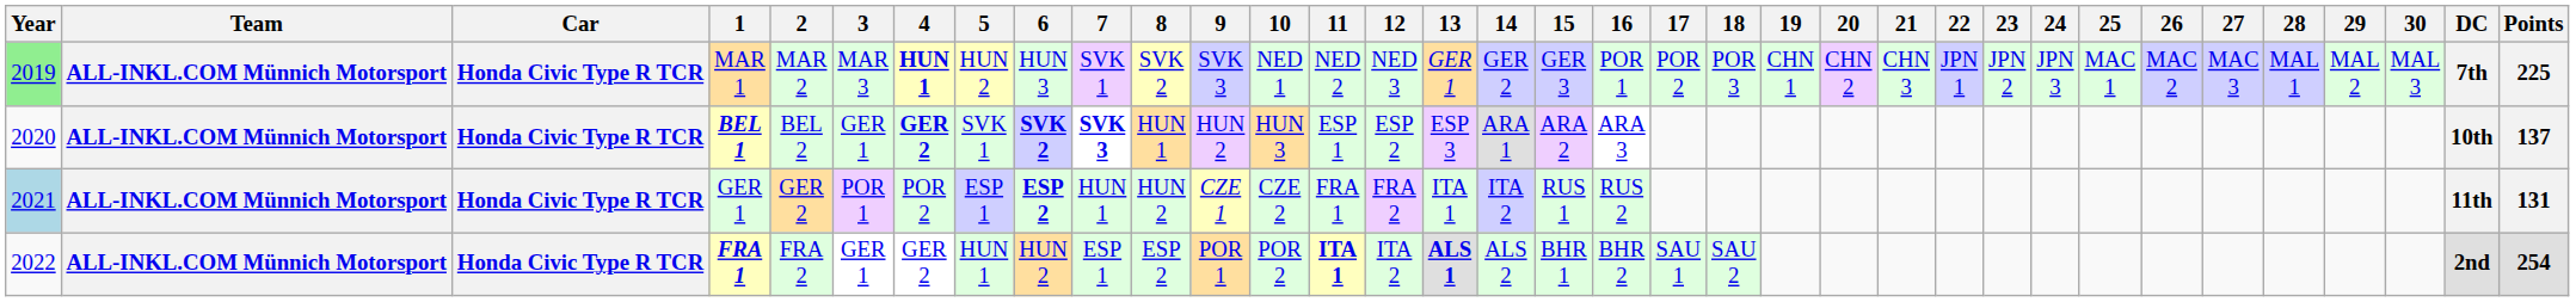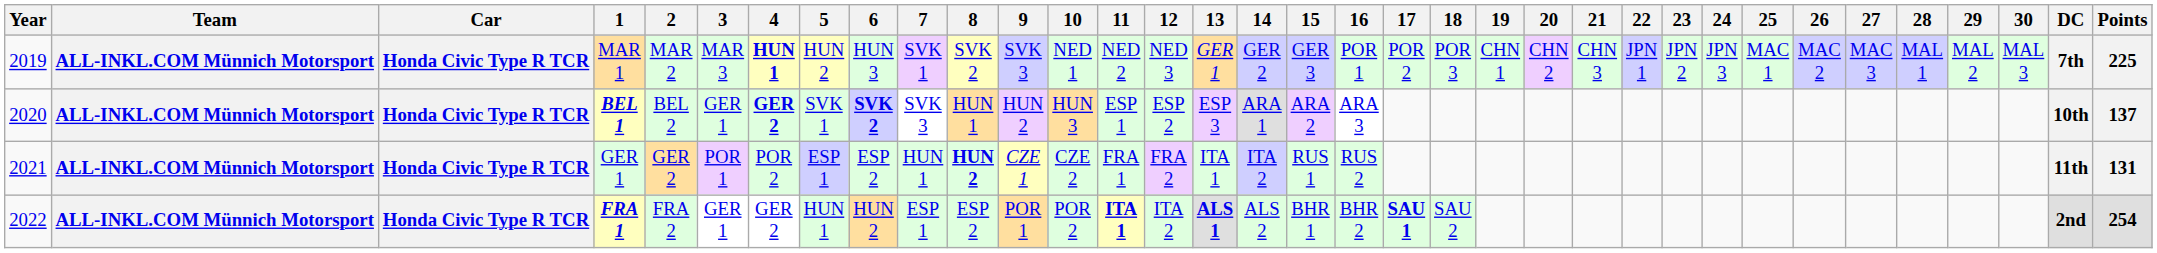 <table class="wikitable" style="text-align:center; font-size:85%">
 <tr>
 <th>Year</th>
 <th>Team</th>
 <th>Car</th>
 <th>1</th>
 <th>2</th>
 <th>3</th>
 <th>4</th>
 <th>5</th>
 <th>6</th>
 <th>7</th>
 <th>8</th>
 <th>9</th>
 <th>10</th>
 <th>11</th>
 <th>12</th>
 <th>13</th>
 <th>14</th>
 <th>15</th>
 <th>16</th>
 <th>17</th>
 <th>18</th>
 <th>19</th>
 <th>20</th>
 <th>21</th>
 <th>22</th>
 <th>23</th>
 <th>24</th>
 <th>25</th>
 <th>26</th>
 <th>27</th>
 <th>28</th>
 <th>29</th>
 <th>30</th>
 <th>DC</th>
 <th>Points</th>
 </tr>
 <tr>
-<td style="background: lightgreen;"><a href='#'>2019</a></td>
+<td><a href='#'>2019</a></td>
 <th><a href='#'>ALL-INKL.COM Münnich Motorsport</a></th>
 <th><a href='#'>Honda Civic Type R TCR</a></th>
 <td style="background:#FFDF9F;"><a href='#'>MAR<br>1</a><br></td>
 <td style="background:#DFFFDF;"><a href='#'>MAR<br>2</a><br></td>
 <td style="background:#DFFFDF;"><a href='#'>MAR<br>3</a><br></td>
 <td style="background:#FFFFBF;"><strong><a href='#'>HUN<br>1</a></strong><br></td>
 <td style="background:#FFFFBF;"><a href='#'>HUN<br>2</a><br></td>
 <td style="background:#DFFFDF;"><a href='#'>HUN<br>3</a><br></td>
 <td style="background:#EFCFFF;"><a href='#'>SVK<br>1</a><br></td>
 <td style="background:#FFFFBF;"><a href='#'>SVK<br>2</a><br></td>
 <td style="background:#CFCFFF;"><a href='#'>SVK<br>3</a><br></td>
 <td style="background:#DFFFDF;"><a href='#'>NED<br>1</a><br></td>
 <td style="background:#DFFFDF;"><a href='#'>NED<br>2</a><br></td>
 <td style="background:#DFFFDF;"><a href='#'>NED<br>3</a><br></td>
 <td style="background:#FFDF9F;"><em><a href='#'>GER<br>1</a></em><br></td>
 <td style="background:#CFCFFF;"><a href='#'>GER<br>2</a><br></td>
 <td style="background:#CFCFFF;"><a href='#'>GER<br>3</a><br></td>
 <td style="background:#DFFFDF;"><a href='#'>POR<br>1</a><br></td>
 <td style="background:#DFFFDF;"><a href='#'>POR<br>2</a><br></td>
 <td style="background:#DFFFDF;"><a href='#'>POR<br>3</a><br></td>
 <td style="background:#DFFFDF;"><a href='#'>CHN<br>1</a><br></td>
 <td style="background:#EFCFFF;"><a href='#'>CHN<br>2</a><br></td>
 <td style="background:#DFFFDF;"><a href='#'>CHN<br>3</a><br></td>
 <td style="background:#CFCFFF;"><a href='#'>JPN<br>1</a><br></td>
 <td style="background:#DFFFDF;"><a href='#'>JPN<br>2</a><br></td>
 <td style="background:#DFFFDF;"><a href='#'>JPN<br>3</a><br></td>
 <td style="background:#DFFFDF;"><a href='#'>MAC<br>1</a><br></td>
 <td style="background:#CFCFFF;"><a href='#'>MAC<br>2</a><br></td>
 <td style="background:#CFCFFF;"><a href='#'>MAC<br>3</a><br></td>
 <td style="background:#CFCFFF;"><a href='#'>MAL<br>1</a><br></td>
 <td style="background:#DFFFDF;"><a href='#'>MAL<br>2</a><br></td>
 <td style="background:#DFFFDF;"><a href='#'>MAL<br>3</a><br></td>
 <th>7th</th>
 <th>225</th>
 </tr>
 <tr>
 <td><a href='#'>2020</a></td>
 <th><a href='#'>ALL-INKL.COM Münnich Motorsport</a></th>
 <th><a href='#'>Honda Civic Type R TCR</a></th>
 <td style="background:#FFFFBF;"><strong><em><a href='#'>BEL<br>1</a></em></strong><br></td>
 <td style="background:#DFFFDF;"><a href='#'>BEL<br>2</a><br></td>
 <td style="background:#DFFFDF;"><a href='#'>GER<br>1</a><br></td>
 <td style="background:#DFFFDF;"><strong><a href='#'>GER<br>2</a></strong><br></td>
 <td style="background:#DFFFDF;"><a href='#'>SVK<br>1</a><br></td>
 <td style="background:#CFCFFF;"><strong><a href='#'>SVK<br>2</a></strong><br></td>
-<td style="background:#FFFFFF;"><strong><a href='#'>SVK<br>3</a><br></strong></td>
+<td style="background:#FFFFFF;"><a href='#'>SVK<br>3</a><br></td>
 <td style="background:#FFDF9F;"><a href='#'>HUN<br>1</a><br></td>
 <td style="background:#EFCFFF;"><a href='#'>HUN<br>2</a><br></td>
 <td style="background:#FFDF9F;"><a href='#'>HUN<br>3</a><br></td>
 <td style="background:#DFFFDF;"><a href='#'>ESP<br>1</a><br></td>
 <td style="background:#DFFFDF;"><a href='#'>ESP<br>2</a><br></td>
 <td style="background:#EFCFFF;"><a href='#'>ESP<br>3</a><br></td>
 <td style="background:#DFDFDF;"><a href='#'>ARA<br>1</a><br></td>
 <td style="background:#EFCFFF;"><a href='#'>ARA<br>2</a><br></td>
 <td style="background:#FFFFFF;"><a href='#'>ARA<br>3</a><br></td>
 <td></td>
 <td></td>
 <td></td>
 <td></td>
 <td></td>
 <td></td>
 <td></td>
 <td></td>
 <td></td>
 <td></td>
 <td></td>
 <td></td>
 <td></td>
 <td></td>
 <th>10th</th>
 <th>137</th>
 </tr>
 <tr>
-<td style="background: lightblue;"><a href='#'>2021</a></td>
+<td><a href='#'>2021</a></td>
 <th><a href='#'>ALL-INKL.COM Münnich Motorsport</a></th>
 <th><a href='#'>Honda Civic Type R TCR</a></th>
 <td style="background:#DFFFDF;"><a href='#'>GER<br>1</a><br></td>
 <td style="background:#FFDF9F;"><a href='#'>GER<br>2</a><br></td>
 <td style="background:#EFCFFF;"><a href='#'>POR<br>1</a><br></td>
 <td style="background:#DFFFDF;"><a href='#'>POR<br>2</a><br></td>
 <td style="background:#CFCFFF;"><a href='#'>ESP<br>1</a><br></td>
-<td style="background:#DFFFDF;"><strong><a href='#'>ESP<br>2</a><br></strong></td>
+<td style="background:#DFFFDF;"><a href='#'>ESP<br>2</a><br></td>
 <td style="background:#DFFFDF;"><a href='#'>HUN<br>1</a><br></td>
-<td style="background:#DFFFDF;"><a href='#'>HUN<br>2</a><br></td>
+<td style="background:#DFFFDF;"><strong><a href='#'>HUN<br>2</a><br></strong></td>
 <td style="background:#FFFFBF;"><em><a href='#'>CZE<br>1</a></em><br></td>
 <td style="background:#DFFFDF;"><a href='#'>CZE<br>2</a><br></td>
 <td style="background:#DFFFDF;"><a href='#'>FRA<br>1</a><br></td>
 <td style="background:#EFCFFF;"><a href='#'>FRA<br>2</a><br></td>
 <td style="background:#DFFFDF;"><a href='#'>ITA<br>1</a><br></td>
 <td style="background:#CFCFFF;"><a href='#'>ITA<br>2</a><br></td>
 <td style="background:#DFFFDF;"><a href='#'>RUS<br>1</a><br></td>
 <td style="background:#DFFFDF;"><a href='#'>RUS<br>2</a><br></td>
 <td></td>
 <td></td>
 <td></td>
 <td></td>
 <td></td>
 <td></td>
 <td></td>
 <td></td>
 <td></td>
 <td></td>
 <td></td>
 <td></td>
 <td></td>
 <td></td>
 <th>11th</th>
 <th>131</th>
 </tr>
 <tr>
 <td><a href='#'>2022</a></td>
 <th><a href='#'>ALL-INKL.COM Münnich Motorsport</a></th>
 <th><a href='#'>Honda Civic Type R TCR</a></th>
 <td style="background:#FFFFBF;"><strong><em><a href='#'>FRA<br>1</a></em></strong><br></td>
 <td style="background:#DFFFDF;"><a href='#'>FRA<br>2</a><br></td>
 <td style="background:#FFFFFF;"><a href='#'>GER<br>1</a><br></td>
 <td style="background:#FFFFFF;"><a href='#'>GER<br>2</a><br></td>
 <td style="background:#DFFFDF;"><a href='#'>HUN<br>1</a><br></td>
 <td style="background:#FFDF9F;"><a href='#'>HUN<br>2</a><br></td>
 <td style="background:#DFFFDF;"><a href='#'>ESP<br>1</a><br></td>
 <td style="background:#DFFFDF;"><a href='#'>ESP<br>2</a><br></td>
 <td style="background:#FFDF9F;"><a href='#'>POR<br>1</a><br></td>
 <td style="background:#DFFFDF;"><a href='#'>POR<br>2</a><br></td>
 <td style="background:#FFFFBF;"><strong><a href='#'>ITA<br>1</a></strong><br></td>
 <td style="background:#DFFFDF;"><a href='#'>ITA<br>2</a><br></td>
 <td style="background:#DFDFDF;"><strong><a href='#'>ALS<br>1</a></strong><br></td>
 <td style="background:#DFFFDF;"><a href='#'>ALS<br>2</a><br></td>
 <td style="background:#DFFFDF;"><a href='#'>BHR<br>1</a><br></td>
 <td style="background:#DFFFDF;"><a href='#'>BHR<br>2</a><br></td>
-<td style="background:#DFFFDF;"><a href='#'>SAU<br>1</a><br></td>
+<td style="background:#DFFFDF;"><strong><a href='#'>SAU<br>1</a><br></strong></td>
 <td style="background:#DFFFDF;"><a href='#'>SAU<br>2</a><br></td>
 <td></td>
 <td></td>
 <td></td>
 <td></td>
 <td></td>
 <td></td>
 <td></td>
 <td></td>
 <td></td>
 <td></td>
 <td></td>
 <td></td>
 <th style="background:#DFDFDF;">2nd</th>
 <th style="background:#DFDFDF;">254</th>
 </tr>
 </table>
